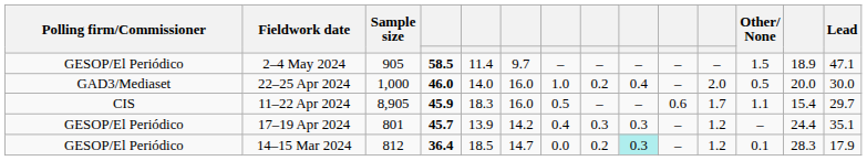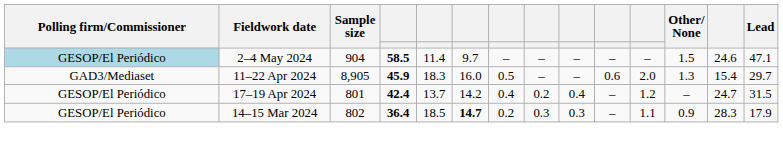 <table class="wikitable collapsible collapsed" style="text-align:center; font-size:90%; line-height:14px;">
 <tr style="height:42px;">
 <th style="width:250px;" rowspan="2">Polling firm/Commissioner</th>
 <th style="width:125px;" rowspan="2">Fieldwork date</th>
 <th style="width:50px;" rowspan="2">Sample size</th>
 <th style="width:35px;"></th>
 <th style="width:35px;"></th>
 <th style="width:35px;"></th>
 <th style="width:35px;"></th>
 <th style="width:35px;"></th>
 <th style="width:35px;"></th>
 <th style="width:35px;"></th>
 <th style="width:35px;"></th>
 <th style="width:35px;" rowspan="2">Other/<br>None</th>
 <th style="width:35px;" rowspan="2"></th>
 <th style="width:30px;" rowspan="2">Lead</th>
 </tr>
 <tr>
 <th style="color:inherit;background:"></th>
 <th style="color:inherit;background:"></th>
 <th style="color:inherit;background:"></th>
 <th style="color:inherit;background:"></th>
 <th style="color:inherit;background:"></th>
 <th style="color:inherit;background:"></th>
 <th style="color:inherit;background:"></th>
 <th style="color:inherit;background:"></th>
 </tr>
 <tr>
-<td>GESOP/El Periódico</td>
+<td style="background: lightblue;">GESOP/El Periódico</td>
 <td>2–4 May 2024</td>
-<td>905</td>
+<td>904</td>
 <td><strong>58.5</strong></td>
 <td>11.4</td>
 <td>9.7</td>
 <td>–</td>
 <td>–</td>
 <td>–</td>
 <td>–</td>
 <td>–</td>
 <td>1.5</td>
-<td>18.9</td>
+<td>24.6</td>
 <td style="background:">47.1</td>
 </tr>
 <tr>
 <td>GAD3/Mediaset</td>
-<td>22–25 Apr 2024</td>
-<td>1,000</td>
-<td><strong>46.0</strong></td>
-<td>14.0</td>
-<td>16.0</td>
-<td>1.0</td>
-<td>0.2</td>
-<td>0.4</td>
-<td>–</td>
-<td>2.0</td>
-<td>0.5</td>
-<td>20.0</td>
-<td style="background:">30.0</td>
-</tr>
-<tr>
-<td>CIS</td>
 <td>11–22 Apr 2024</td>
 <td>8,905</td>
 <td><strong>45.9</strong></td>
 <td>18.3</td>
 <td>16.0</td>
 <td>0.5</td>
 <td>–</td>
 <td>–</td>
 <td>0.6</td>
-<td>1.7</td>
-<td>1.1</td>
+<td>2.0</td>
+<td>1.3</td>
 <td>15.4</td>
 <td style="background:">29.7</td>
 </tr>
 <tr>
 <td>GESOP/El Periódico</td>
 <td>17–19 Apr 2024</td>
 <td>801</td>
-<td><strong>45.7</strong></td>
-<td>13.9</td>
+<td><strong>42.4</strong></td>
+<td>13.7</td>
 <td>14.2</td>
 <td>0.4</td>
-<td>0.3</td>
-<td>0.3</td>
+<td>0.2</td>
+<td>0.4</td>
 <td>–</td>
 <td>1.2</td>
 <td>–</td>
-<td>24.4</td>
-<td style="background:">35.1</td>
+<td>24.7</td>
+<td style="background:">31.5</td>
 </tr>
 <tr>
 <td>GESOP/El Periódico</td>
 <td>14–15 Mar 2024</td>
-<td>812</td>
+<td>802</td>
 <td><strong>36.4</strong></td>
 <td>18.5</td>
-<td>14.7</td>
-<td>0.0</td>
+<td><strong>14.7</strong></td>
 <td>0.2</td>
-<td style="background: paleturquoise;">0.3</td>
+<td>0.3</td>
+<td>0.3</td>
 <td>–</td>
-<td>1.2</td>
-<td>0.1</td>
+<td>1.1</td>
+<td>0.9</td>
 <td>28.3</td>
 <td style="background:">17.9</td>
 </tr>
 </table>
